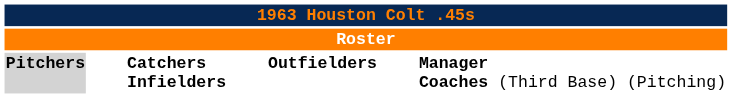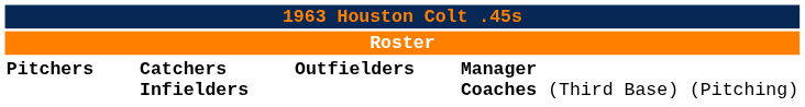 <table class="toccolours" style="text-align: left;">
 <tr>
 <th colspan="10" style="background-color: #072854; color: #FF7F00; text-align: center;">1963 Houston Colt .45s</th>
 </tr>
 <tr>
 <td colspan="10" style="background-color: #FF7F00; color: white; text-align: center;"><strong>Roster</strong></td>
 </tr>
 <tr>
-<td valign="top" style="background: lightgrey;"><strong>Pitchers</strong><br>                  </td>
+<td valign="top"><strong>Pitchers</strong><br>                  </td>
 <td width="25px"></td>
 <td valign="top"><strong>Catchers</strong><br>     <strong>Infielders</strong>           </td>
 <td width="25px"></td>
 <td valign="top"><strong>Outfielders</strong><br>         </td>
 <td width="25px"></td>
 <td valign="top"><strong>Manager</strong><br> <strong>Coaches</strong>   (Third Base)  (Pitching) </td>
 </tr>
 <tr>
 </tr>
 </table>
